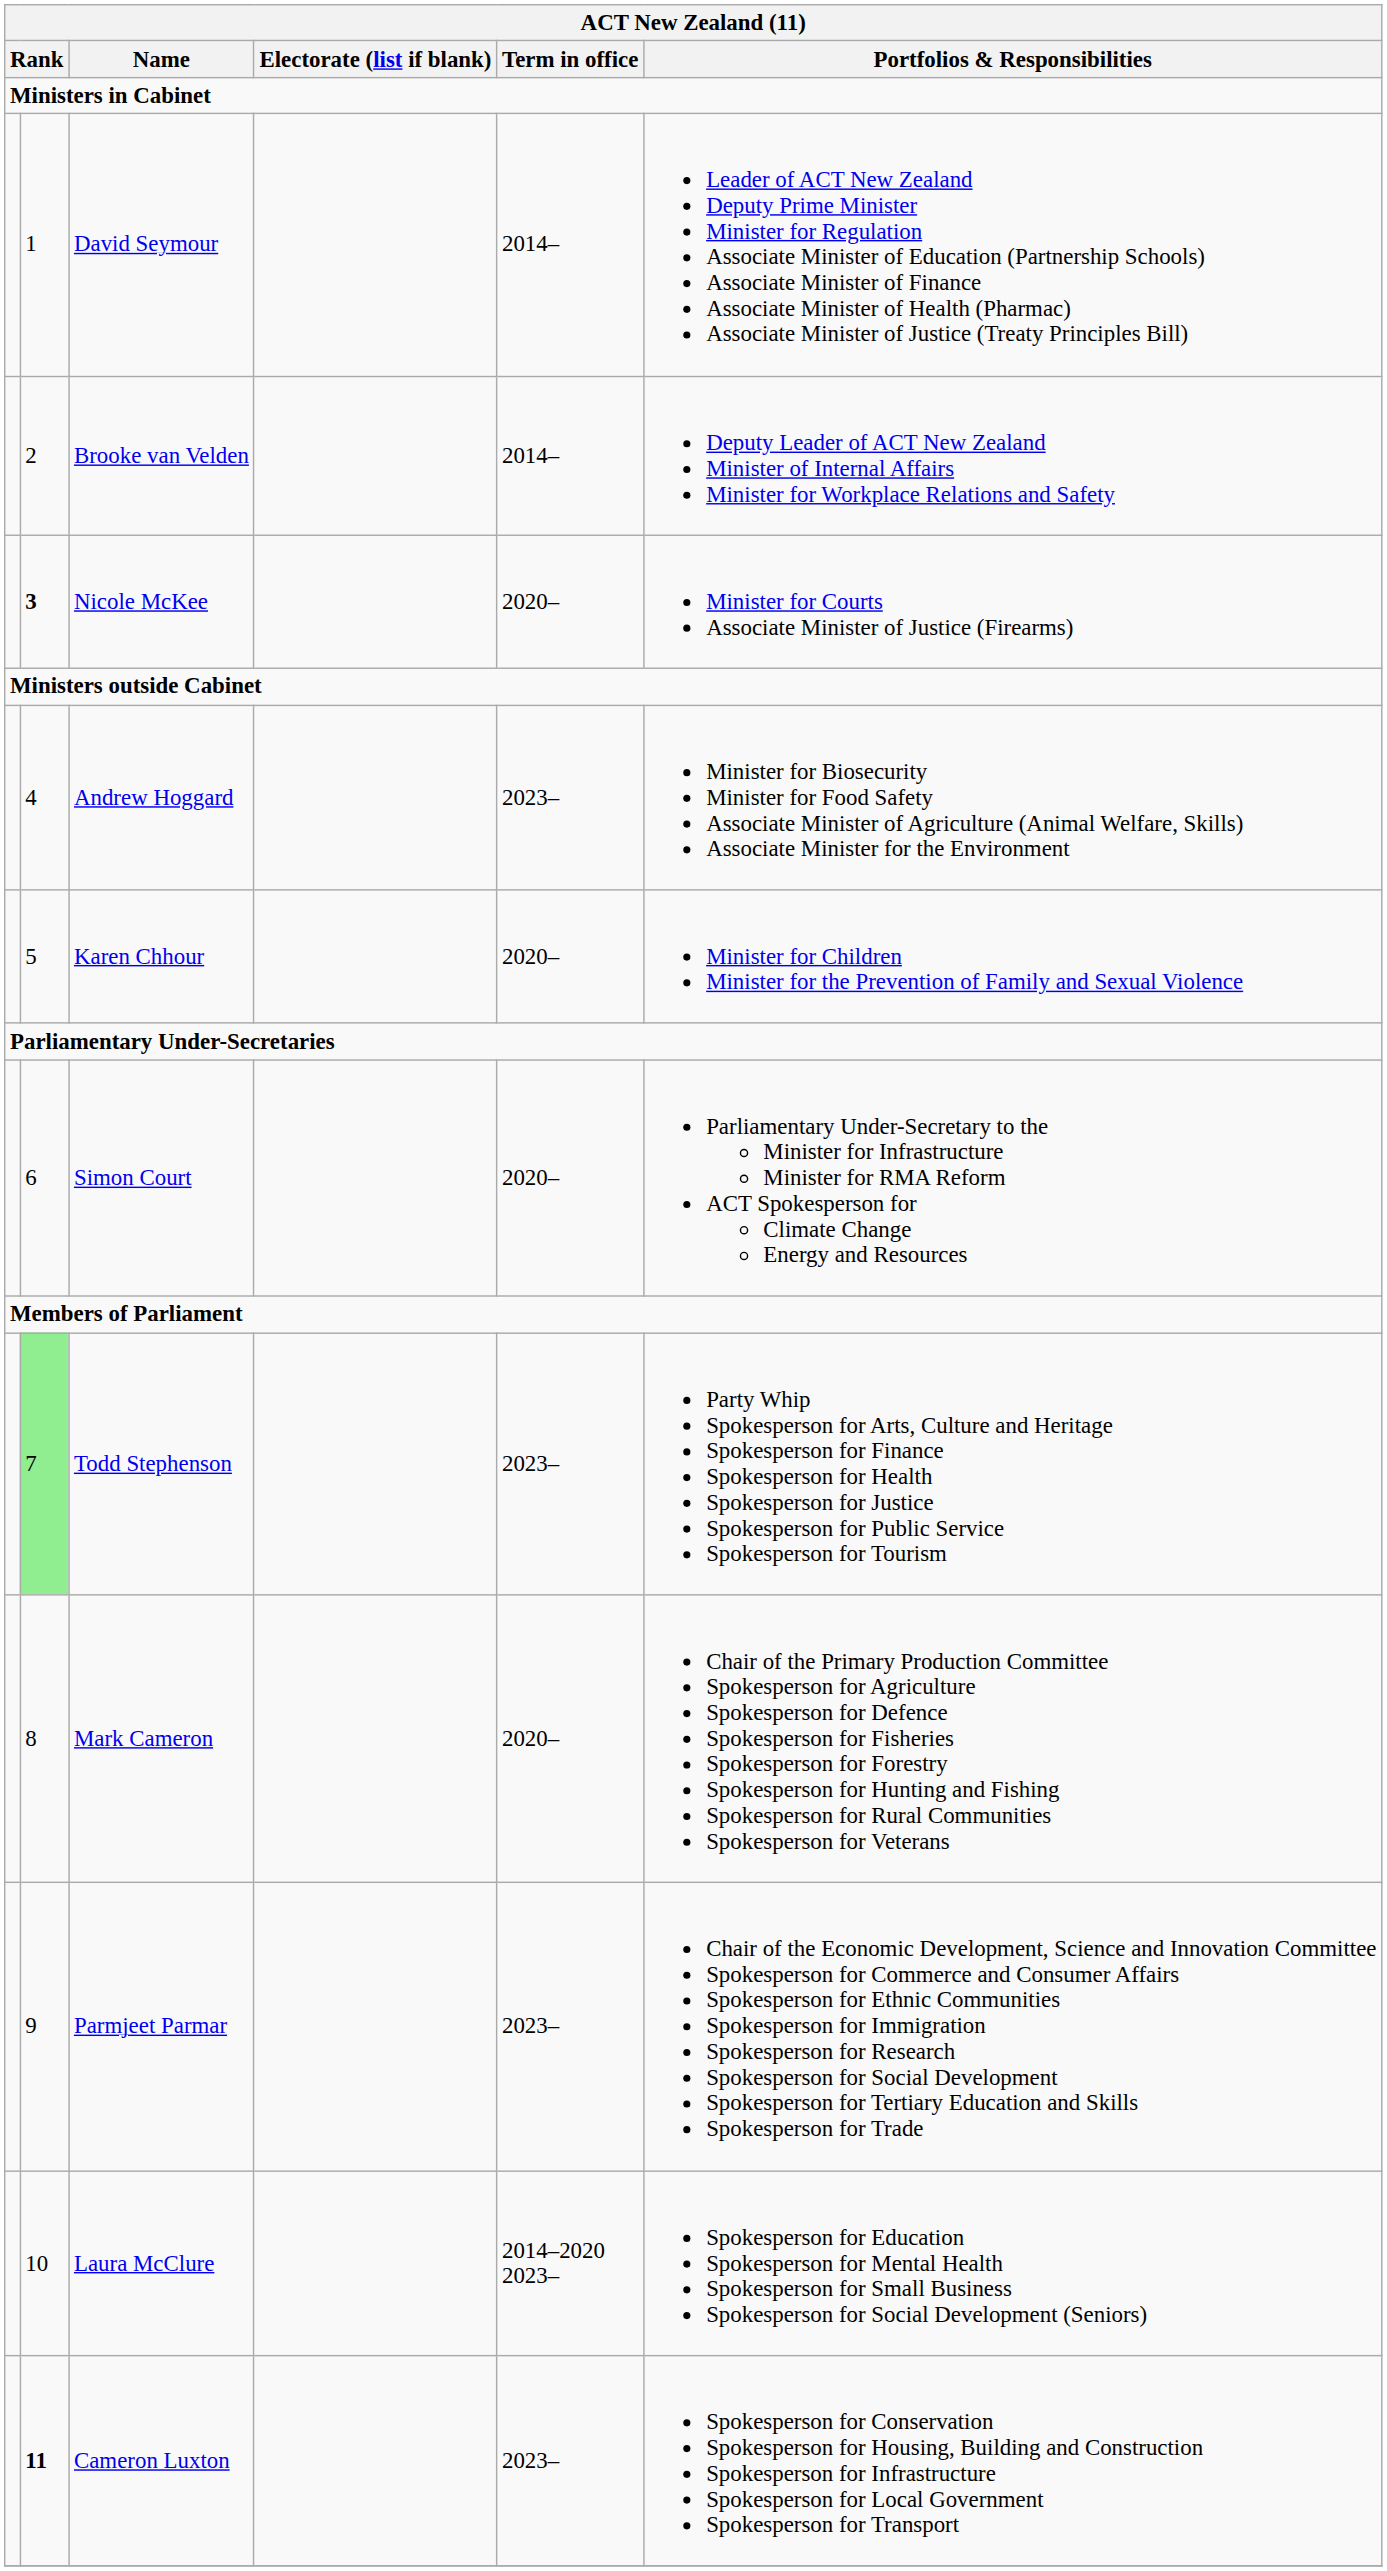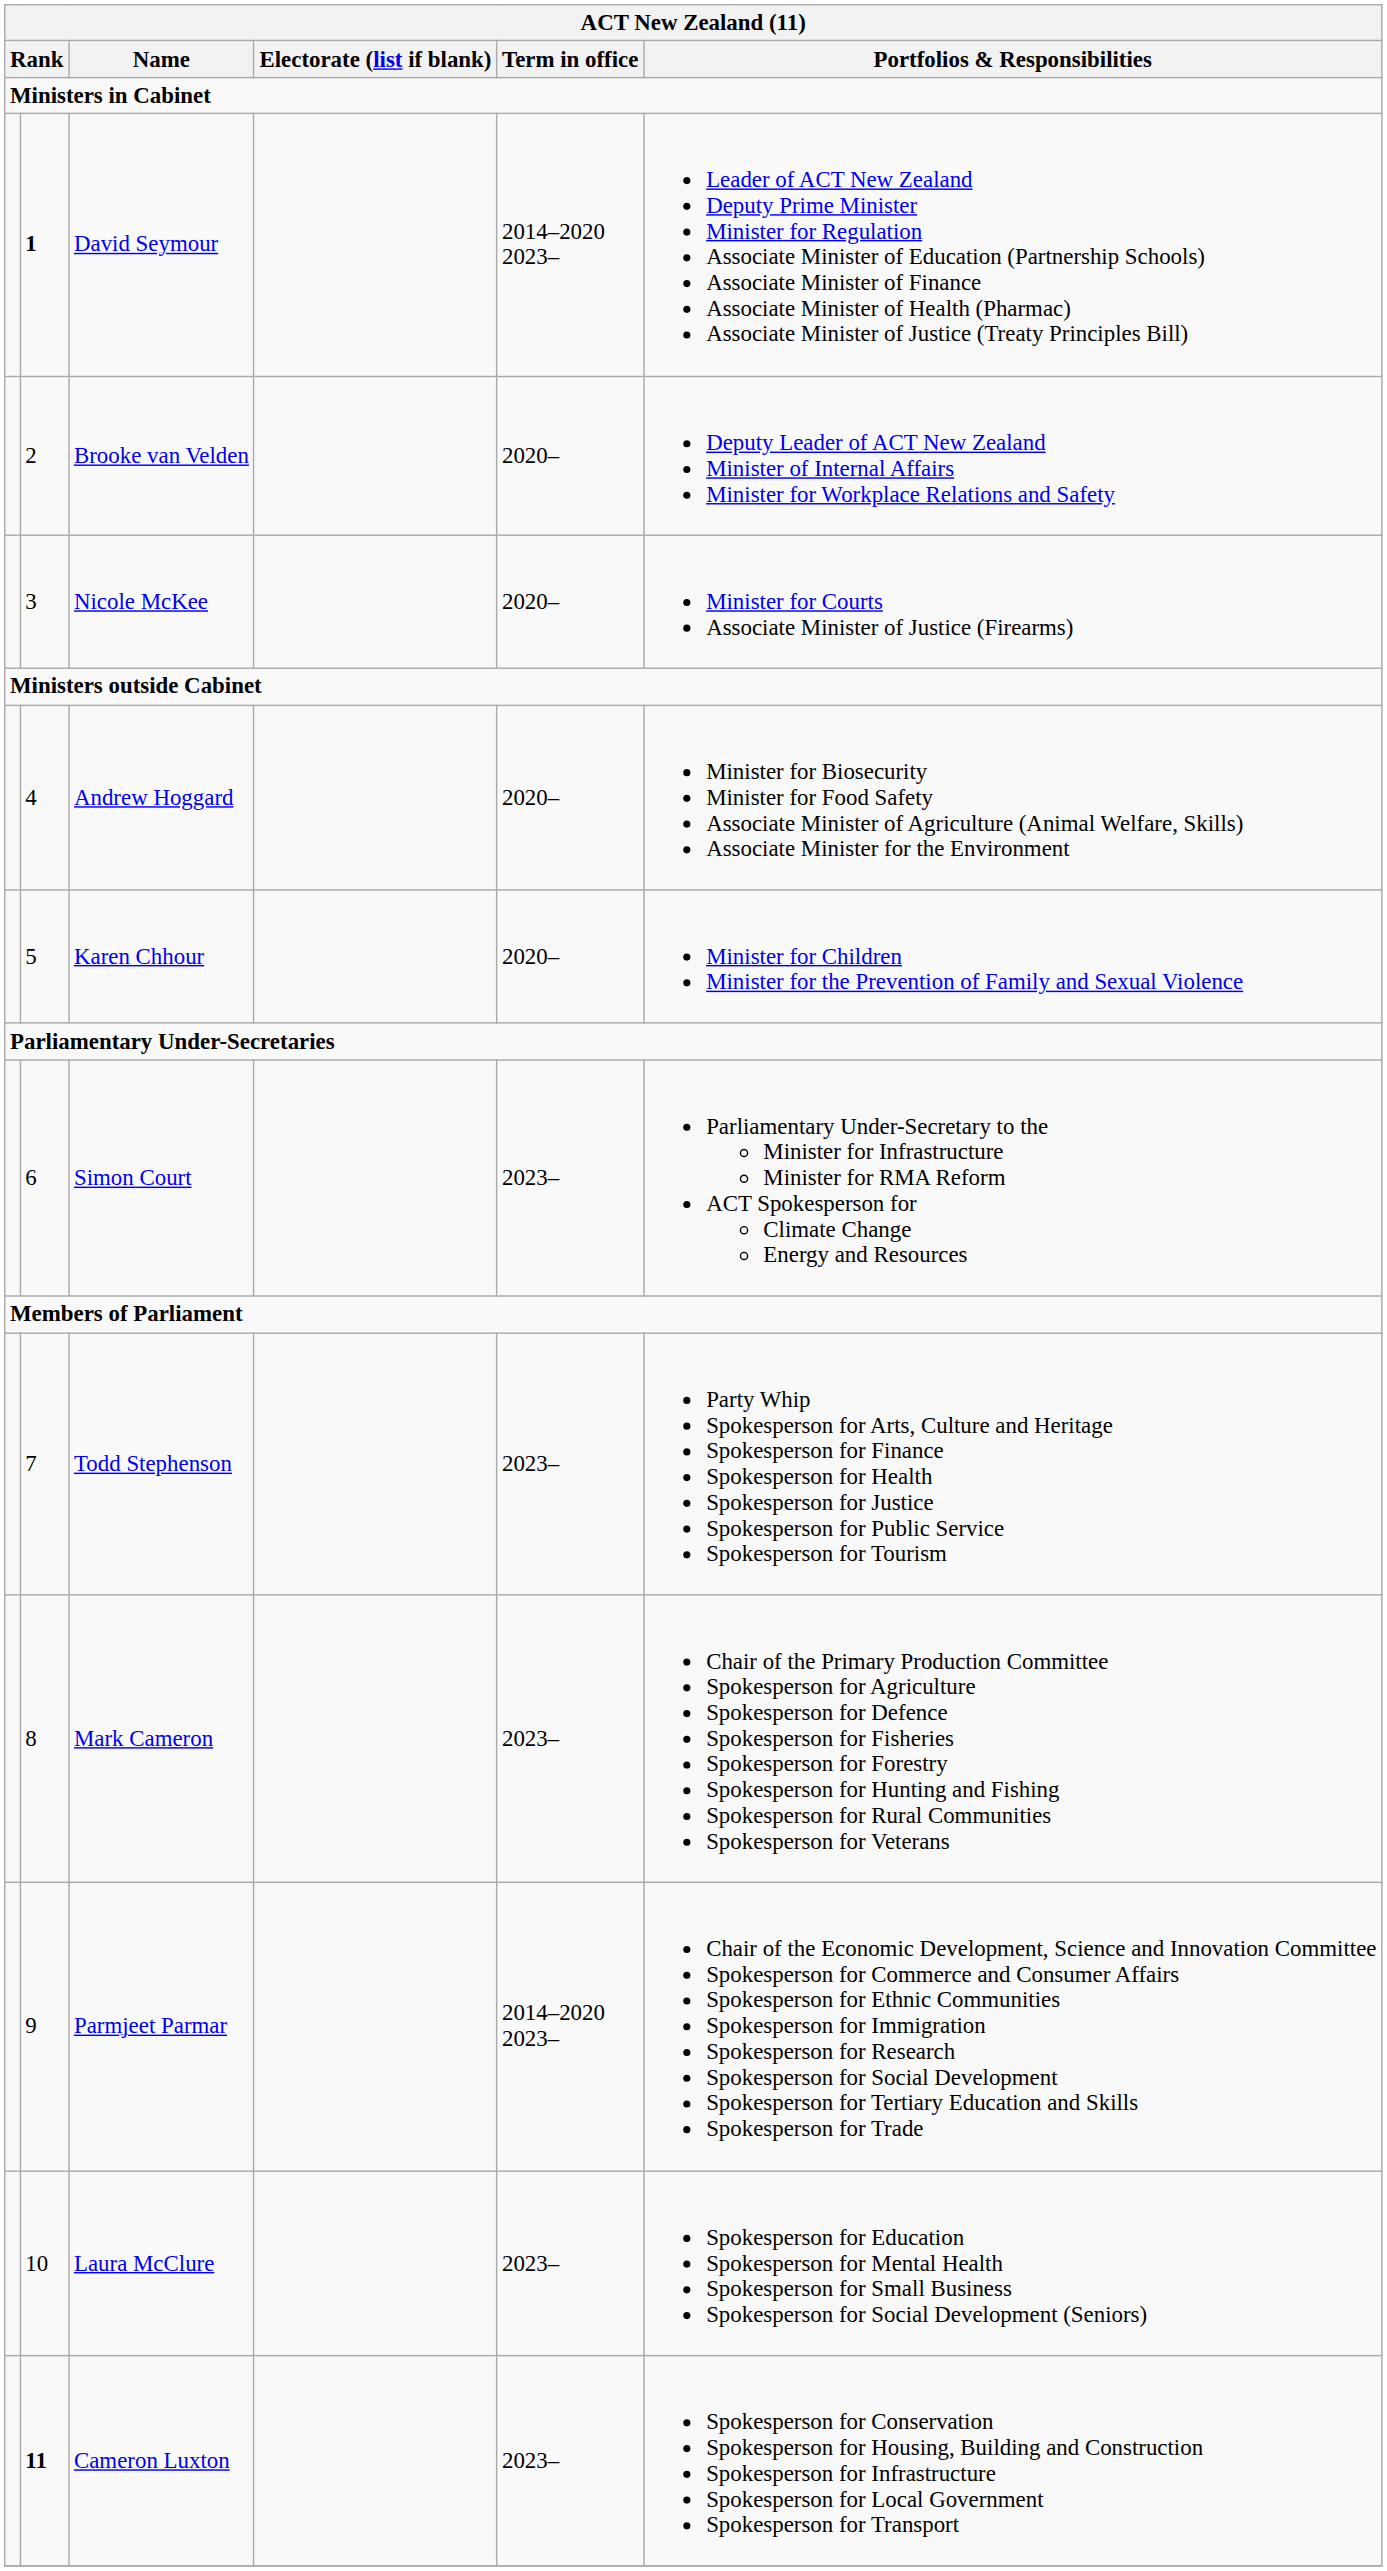 <table role="presentation" class="wikitable mw-collapsible mw-collapsed">
 <tr>
 <th colspan="6" style="width: 700pt; background: ">ACT New Zealand (11)</th>
 </tr>
 <tr>
 <th colspan="2">Rank</th>
 <th>Name</th>
 <th>Electorate (<a href='#'>list</a> if blank)</th>
 <th>Term in office</th>
 <th>Portfolios & Responsibilities</th>
 </tr>
 <tr>
 <td colspan=6><strong>Ministers in Cabinet</strong></td>
 </tr>
 <tr>
 <td></td>
-<td>1</td>
+<td><strong>1</strong></td>
 <td><a href='#'>David Seymour</a></td>
 <td></td>
-<td>2014–</td>
+<td>2014–2020<br>2023–</td>
 <td><br><ul><li><a href='#'>Leader of ACT New Zealand</a></li><li><a href='#'>Deputy Prime Minister</a></li><li><a href='#'>Minister for Regulation</a></li><li>Associate Minister of Education (Partnership Schools)</li><li>Associate Minister of Finance</li><li>Associate Minister of Health (Pharmac)</li><li>Associate Minister of Justice (Treaty Principles Bill)</li></ul></td>
 </tr>
 <tr>
 <td></td>
 <td>2</td>
 <td><a href='#'>Brooke van Velden</a></td>
 <td></td>
-<td>2014–</td>
+<td>2020–</td>
 <td><br><ul><li><a href='#'>Deputy Leader of ACT New Zealand</a></li><li><a href='#'>Minister of Internal Affairs</a></li><li><a href='#'>Minister for Workplace Relations and Safety</a></li></ul></td>
 </tr>
 <tr>
 <td></td>
-<td><strong>3</strong></td>
+<td>3</td>
 <td><a href='#'>Nicole McKee</a></td>
 <td></td>
 <td>2020–</td>
 <td><br><ul><li><a href='#'>Minister for Courts</a></li><li>Associate Minister of Justice (Firearms)</li></ul></td>
 </tr>
 <tr>
 <td colspan=6><strong>Ministers outside Cabinet</strong></td>
 </tr>
 <tr>
 <td></td>
 <td>4</td>
 <td><a href='#'>Andrew Hoggard</a></td>
 <td></td>
-<td>2023–</td>
+<td>2020–</td>
 <td><br><ul><li>Minister for Biosecurity</li><li>Minister for Food Safety</li><li>Associate Minister of Agriculture (Animal Welfare, Skills)</li><li>Associate Minister for the Environment</li></ul></td>
 </tr>
 <tr>
 <td></td>
 <td>5</td>
 <td><a href='#'>Karen Chhour</a></td>
 <td></td>
 <td>2020–</td>
 <td><br><ul><li><a href='#'>Minister for Children</a></li><li><a href='#'>Minister for the Prevention of Family and Sexual Violence</a></li></ul></td>
 </tr>
 <tr>
 <td colspan=6><strong>Parliamentary Under-Secretaries</strong></td>
 </tr>
 <tr>
 <td></td>
 <td>6</td>
 <td><a href='#'>Simon Court</a></td>
 <td></td>
-<td>2020–</td>
+<td>2023–</td>
 <td><br><ul><li>Parliamentary Under-Secretary to the<ul><li>Minister for Infrastructure</li><li>Minister for RMA Reform</li></ul></li><li>ACT Spokesperson for<ul><li>Climate Change</li><li>Energy and Resources</li></ul></li></ul></td>
 </tr>
 <tr>
 <td colspan=6><strong>Members of Parliament</strong></td>
 </tr>
 <tr>
 <td></td>
-<td style="background: lightgreen;">7</td>
+<td>7</td>
 <td><a href='#'>Todd Stephenson</a></td>
 <td></td>
 <td>2023–</td>
 <td><br><ul><li>Party Whip</li><li>Spokesperson for Arts, Culture and Heritage</li><li>Spokesperson for Finance</li><li>Spokesperson for Health</li><li>Spokesperson for Justice</li><li>Spokesperson for Public Service</li><li>Spokesperson for Tourism</li></ul></td>
 </tr>
 <tr>
 <td></td>
 <td>8</td>
 <td><a href='#'>Mark Cameron</a></td>
 <td></td>
-<td>2020–</td>
+<td>2023–</td>
 <td><br><ul><li>Chair of the Primary Production Committee</li><li>Spokesperson for Agriculture</li><li>Spokesperson for Defence</li><li>Spokesperson for Fisheries</li><li>Spokesperson for Forestry</li><li>Spokesperson for Hunting and Fishing</li><li>Spokesperson for Rural Communities</li><li>Spokesperson for Veterans</li></ul></td>
 </tr>
 <tr>
 <td></td>
 <td>9</td>
 <td><a href='#'>Parmjeet Parmar</a></td>
 <td></td>
-<td>2023–</td>
+<td>2014–2020<br>2023–</td>
 <td><br><ul><li>Chair of the Economic Development, Science and Innovation Committee</li><li>Spokesperson for Commerce and Consumer Affairs</li><li>Spokesperson for Ethnic Communities</li><li>Spokesperson for Immigration</li><li>Spokesperson for Research</li><li>Spokesperson for Social Development</li><li>Spokesperson for Tertiary Education and Skills</li><li>Spokesperson for Trade</li></ul></td>
 </tr>
 <tr>
 <td></td>
 <td>10</td>
 <td><a href='#'>Laura McClure</a></td>
 <td></td>
-<td>2014–2020<br>2023–</td>
+<td>2023–</td>
 <td><br><ul><li>Spokesperson for Education</li><li>Spokesperson for Mental Health</li><li>Spokesperson for Small Business</li><li>Spokesperson for Social Development (Seniors)</li></ul></td>
 </tr>
 <tr>
 <td></td>
 <td><strong>11</strong></td>
 <td><a href='#'>Cameron Luxton</a></td>
 <td></td>
 <td>2023–</td>
 <td><br><ul><li>Spokesperson for Conservation</li><li>Spokesperson for Housing, Building and Construction</li><li>Spokesperson for Infrastructure</li><li>Spokesperson for Local Government</li><li>Spokesperson for Transport</li></ul></td>
 </tr>
 <tr>
 </tr>
 </table>
